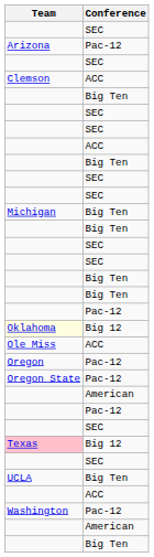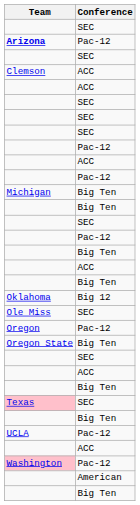 <table class="wikitable sortable">
 <tr>
 <th>Team</th>
 <th>Conference</th>
 </tr>
 <tr>
 <td></td>
 <td>SEC</td>
 </tr>
 <tr>
-<td><a href='#'>Arizona</a></td>
+<td><strong><a href='#'>Arizona</a></strong></td>
 <td>Pac-12</td>
 </tr>
 <tr>
 <td></td>
 <td>SEC</td>
 </tr>
 <tr>
 <td><a href='#'>Clemson</a></td>
 <td>ACC</td>
 </tr>
 <tr>
 <td></td>
-<td>Big Ten</td>
+<td>ACC</td>
 </tr>
 <tr>
 <td></td>
 <td>SEC</td>
 </tr>
 <tr>
 <td></td>
 <td>SEC</td>
 </tr>
 <tr>
 <td></td>
+<td>SEC</td>
+</tr>
+<tr>
+<td></td>
+<td>Pac-12</td>
+</tr>
+<tr>
+<td></td>
 <td>ACC</td>
 </tr>
 <tr>
 <td></td>
-<td>Big Ten</td>
-</tr>
-<tr>
-<td></td>
-<td>SEC</td>
-</tr>
-<tr>
-<td></td>
-<td>SEC</td>
+<td>Pac-12</td>
 </tr>
 <tr>
 <td><a href='#'>Michigan</a></td>
 <td>Big Ten</td>
 </tr>
 <tr>
 <td></td>
 <td>Big Ten</td>
 </tr>
 <tr>
 <td></td>
 <td>SEC</td>
 </tr>
 <tr>
 <td></td>
+<td>Pac-12</td>
+</tr>
+<tr>
+<td></td>
+<td>Big Ten</td>
+</tr>
+<tr>
+<td></td>
+<td>ACC</td>
+</tr>
+<tr>
+<td></td>
+<td>Big Ten</td>
+</tr>
+<tr>
+<td><a href='#'>Oklahoma</a></td>
+<td>Big 12</td>
+</tr>
+<tr>
+<td><a href='#'>Ole Miss</a></td>
+<td>SEC</td>
+</tr>
+<tr>
+<td><a href='#'>Oregon</a></td>
+<td>Pac-12</td>
+</tr>
+<tr>
+<td><a href='#'>Oregon State</a></td>
+<td>Big Ten</td>
+</tr>
+<tr>
+<td></td>
+<td>SEC</td>
+</tr>
+<tr>
+<td></td>
+<td>ACC</td>
+</tr>
+<tr>
+<td></td>
+<td>Big Ten</td>
+</tr>
+<tr>
+<td style="background: pink;"><a href='#'>Texas</a></td>
 <td>SEC</td>
 </tr>
 <tr>
 <td></td>
 <td>Big Ten</td>
 </tr>
 <tr>
-<td></td>
-<td>Big Ten</td>
-</tr>
-<tr>
-<td></td>
+<td><a href='#'>UCLA</a></td>
 <td>Pac-12</td>
-</tr>
-<tr>
-<td style="background: lightyellow;"><a href='#'>Oklahoma</a></td>
-<td>Big 12</td>
-</tr>
-<tr>
-<td><a href='#'>Ole Miss</a></td>
-<td>ACC</td>
-</tr>
-<tr>
-<td><a href='#'>Oregon</a></td>
-<td>Pac-12</td>
-</tr>
-<tr>
-<td><a href='#'>Oregon State</a></td>
-<td>Pac-12</td>
-</tr>
-<tr>
-<td></td>
-<td>American</td>
-</tr>
-<tr>
-<td></td>
-<td>Pac-12</td>
-</tr>
-<tr>
-<td></td>
-<td>SEC</td>
-</tr>
-<tr>
-<td style="background: pink;"><a href='#'>Texas</a></td>
-<td>Big 12</td>
-</tr>
-<tr>
-<td></td>
-<td>SEC</td>
-</tr>
-<tr>
-<td><a href='#'>UCLA</a></td>
-<td>Big Ten</td>
 </tr>
 <tr>
 <td></td>
 <td>ACC</td>
 </tr>
 <tr>
-<td><a href='#'>Washington</a></td>
+<td style="background: pink;"><a href='#'>Washington</a></td>
 <td>Pac-12</td>
 </tr>
 <tr>
 <td></td>
 <td>American</td>
 </tr>
 <tr>
 <td></td>
 <td>Big Ten</td>
 </tr>
 </table>
